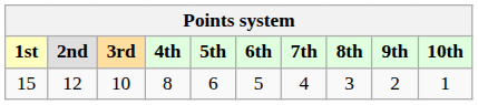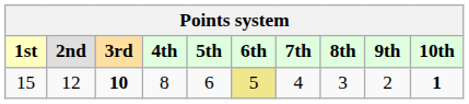 <table class="wikitable" style="font-size: 85%; text-align: center;">
 <tr>
 <th colspan=19>Points system</th>
 </tr>
 <tr>
 <td style="background:#ffffbf;"> <strong>1st</strong> </td>
 <td style="background:#dfdfdf;"> <strong>2nd</strong> </td>
 <td style="background:#ffdf9f;"> <strong>3rd</strong> </td>
 <td style="background:#dfffdf;"> <strong>4th</strong> </td>
 <td style="background:#dfffdf;"> <strong>5th</strong> </td>
 <td style="background:#dfffdf;"> <strong>6th</strong> </td>
 <td style="background:#dfffdf;"> <strong>7th</strong> </td>
 <td style="background:#dfffdf;"> <strong>8th</strong> </td>
 <td style="background:#dfffdf;"> <strong>9th</strong> </td>
 <td style="background:#dfffdf;"> <strong>10th</strong> </td>
 </tr>
 <tr>
 <td>15</td>
 <td>12</td>
-<td>10</td>
+<td><strong>10</strong></td>
 <td>8</td>
 <td>6</td>
-<td>5</td>
+<td style="background: khaki;">5</td>
 <td>4</td>
 <td>3</td>
 <td>2</td>
-<td>1</td>
+<td><strong>1</strong></td>
 </tr>
 </table>
